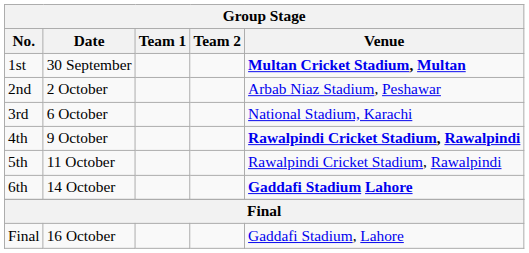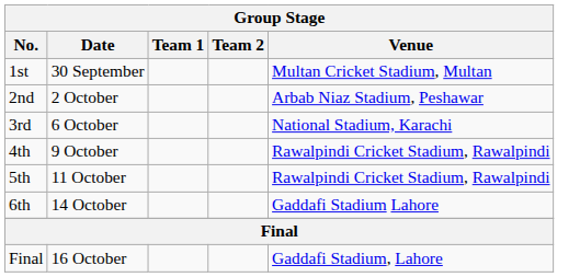 <table class="wikitable">
 <tr>
 <th colspan="6">Group Stage</th>
 </tr>
 <tr>
 <th>No.</th>
 <th>Date</th>
 <th>Team 1</th>
 <th>Team 2</th>
 <th>Venue</th>
 </tr>
 <tr>
 <td>1st</td>
 <td>30 September</td>
 <td></td>
 <td></td>
-<td><strong><a href='#'>Multan Cricket Stadium</a>, <a href='#'>Multan</a></strong></td>
+<td><a href='#'>Multan Cricket Stadium</a>, <a href='#'>Multan</a></td>
 </tr>
 <tr>
 <td>2nd</td>
 <td>2 October</td>
 <td></td>
 <td></td>
 <td><a href='#'>Arbab Niaz Stadium</a>, <a href='#'>Peshawar</a></td>
 </tr>
 <tr>
 <td>3rd</td>
 <td>6 October</td>
 <td></td>
 <td></td>
 <td><a href='#'>National Stadium, Karachi</a></td>
 </tr>
 <tr>
 <td>4th</td>
 <td>9 October</td>
 <td></td>
 <td></td>
-<td><strong><a href='#'>Rawalpindi Cricket Stadium</a>, <a href='#'>Rawalpindi</a></strong></td>
+<td><a href='#'>Rawalpindi Cricket Stadium</a>, <a href='#'>Rawalpindi</a></td>
 </tr>
 <tr>
 <td>5th</td>
 <td>11 October</td>
 <td></td>
 <td></td>
 <td><a href='#'>Rawalpindi Cricket Stadium</a>, <a href='#'>Rawalpindi</a></td>
 </tr>
 <tr>
 <td>6th</td>
 <td>14 October</td>
 <td></td>
 <td></td>
-<td><strong><a href='#'>Gaddafi Stadium</a> <a href='#'>Lahore</a></strong></td>
+<td><a href='#'>Gaddafi Stadium</a> <a href='#'>Lahore</a></td>
 </tr>
 <tr>
 </tr>
 <tr bgcolor="#efefef">
 <th colspan="6">Final</th>
 </tr>
 <tr>
 <td>Final</td>
 <td>16 October</td>
 <td></td>
 <td></td>
 <td><a href='#'>Gaddafi Stadium</a>, <a href='#'>Lahore</a></td>
 </tr>
 </table>
